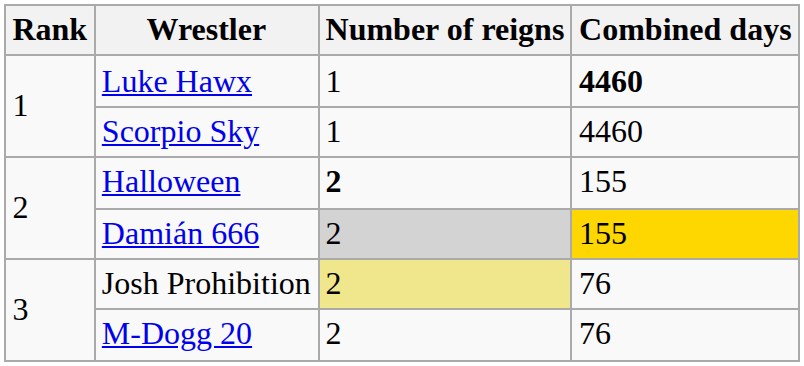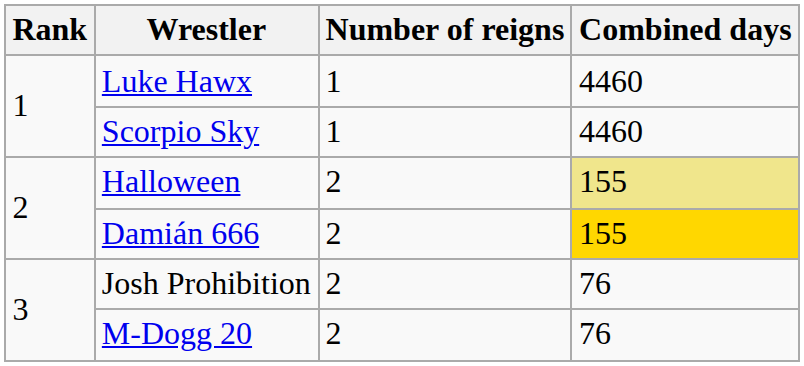 <table class="wikitable sortable">
 <tr>
 <th>Rank</th>
 <th>Wrestler</th>
 <th>Number of reigns</th>
 <th>Combined days</th>
 </tr>
 <tr>
 <td rowspan=2>1</td>
 <td><a href='#'>Luke Hawx</a></td>
 <td>1</td>
-<td><strong>4460</strong></td>
+<td>4460</td>
 </tr>
 <tr>
 <td><a href='#'>Scorpio Sky</a></td>
 <td>1</td>
 <td>4460</td>
 </tr>
 <tr>
 <td rowspan=2>2</td>
 <td><a href='#'>Halloween</a></td>
-<td><strong>2</strong></td>
-<td>155</td>
+<td>2</td>
+<td style="background: khaki;">155</td>
 </tr>
 <tr>
 <td><a href='#'>Damián 666</a></td>
-<td style="background: lightgrey;">2</td>
+<td>2</td>
 <td style="background: gold;">155</td>
 </tr>
 <tr>
 <td rowspan=2>3</td>
 <td>Josh Prohibition</td>
-<td style="background: khaki;">2</td>
+<td>2</td>
 <td>76</td>
 </tr>
 <tr>
 <td><a href='#'>M-Dogg 20</a></td>
 <td>2</td>
 <td>76</td>
 </tr>
 </table>
